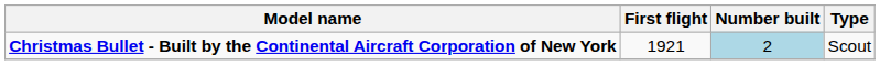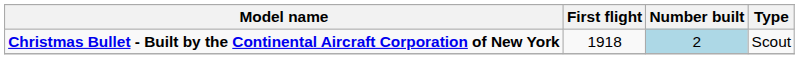 <table class="wikitable" align=center style="font-size:90%;">
 <tr>
 </tr>
 <tr style="background:#efefef;">
 <th>Model name</th>
 <th>First flight</th>
 <th>Number built</th>
 <th>Type</th>
 </tr>
 <tr>
 <td align=left><strong><a href='#'>Christmas Bullet</a> - Built by the <a href='#'>Continental Aircraft Corporation</a> of New York</strong></td>
-<td align=center>1921</td>
+<td align=center>1918</td>
 <td align=center style="background: lightblue;">2</td>
 <td align=left>Scout</td>
 </tr>
 <tr>
 </tr>
 </table>
